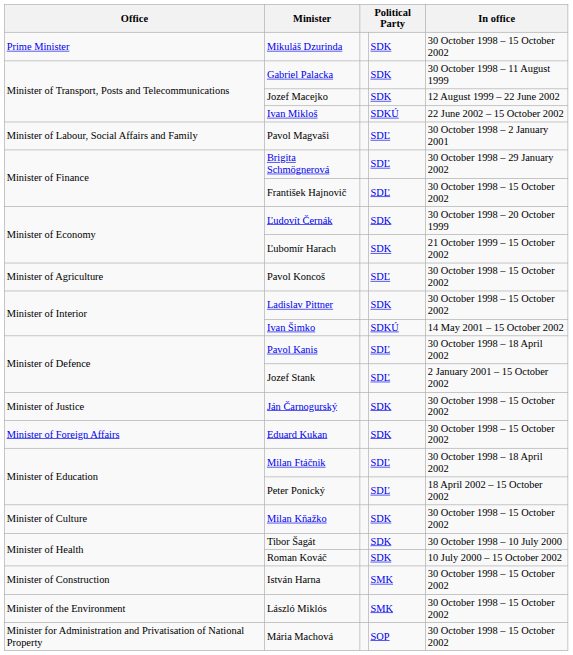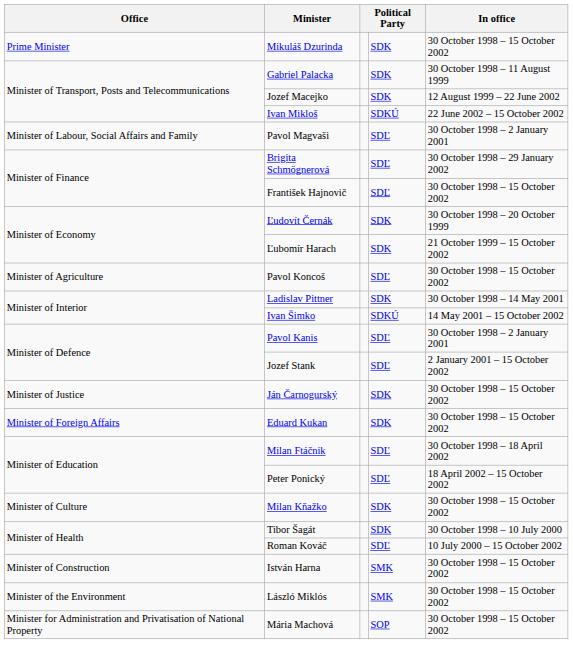 <table class="wikitable">
 <tr>
 <th>Office</th>
 <th>Minister</th>
 <th colspan=2>Political Party</th>
 <th>In office</th>
 </tr>
 <tr>
 <td><a href='#'>Prime Minister</a></td>
 <td><a href='#'>Mikuláš Dzurinda</a></td>
 <td style="background-color: "></td>
 <td><a href='#'>SDK</a></td>
 <td>30 October 1998 – 15 October 2002</td>
 </tr>
 <tr>
 <td rowspan=3>Minister of Transport, Posts and Telecommunications</td>
 <td><a href='#'>Gabriel Palacka</a></td>
 <td style="background-color: "></td>
 <td><a href='#'>SDK</a></td>
 <td>30 October 1998 – 11 August 1999</td>
 </tr>
 <tr>
 <td>Jozef Macejko</td>
 <td style="background-color: "></td>
 <td><a href='#'>SDK</a></td>
 <td>12 August 1999 – 22 June 2002</td>
 </tr>
 <tr>
 <td><a href='#'>Ivan Mikloš</a></td>
 <td style="background-color: "></td>
 <td><a href='#'>SDKÚ</a></td>
 <td>22 June 2002 – 15 October 2002</td>
 </tr>
 <tr>
 <td>Minister of Labour, Social Affairs and Family</td>
 <td>Pavol Magvaši</td>
 <td style="background-color: "></td>
 <td><a href='#'>SDĽ</a></td>
 <td>30 October 1998 – 2 January 2001</td>
 </tr>
 <tr>
 <td rowspan=2>Minister of Finance</td>
 <td><a href='#'>Brigita Schmögnerová</a></td>
 <td style="background-color: "></td>
 <td><a href='#'>SDĽ</a></td>
 <td>30 October 1998 – 29 January 2002</td>
 </tr>
 <tr>
 <td>František Hajnovič</td>
 <td style="background-color: "></td>
 <td><a href='#'>SDĽ</a></td>
 <td>30 October 1998 – 15 October 2002</td>
 </tr>
 <tr>
 <td rowspan=2>Minister of Economy</td>
 <td><a href='#'>Ľudovít Černák</a></td>
 <td style="background-color: "></td>
 <td><a href='#'>SDK</a></td>
 <td>30 October 1998 – 20 October 1999</td>
 </tr>
 <tr>
 <td>Ľubomír Harach</td>
 <td style="background-color: "></td>
 <td><a href='#'>SDK</a></td>
 <td>21 October 1999 – 15 October 2002</td>
 </tr>
 <tr>
 <td>Minister of Agriculture</td>
 <td>Pavol Koncoš</td>
 <td style="background-color: "></td>
 <td><a href='#'>SDĽ</a></td>
 <td>30 October 1998 – 15 October 2002</td>
 </tr>
 <tr>
 <td rowspan=2>Minister of Interior</td>
 <td><a href='#'>Ladislav Pittner</a></td>
 <td style="background-color: "></td>
 <td><a href='#'>SDK</a></td>
-<td>30 October 1998 – 15 October 2002</td>
+<td>30 October 1998 – 14 May 2001</td>
 </tr>
 <tr>
 <td><a href='#'>Ivan Šimko</a></td>
 <td style="background-color: "></td>
 <td><a href='#'>SDKÚ</a></td>
 <td>14 May 2001 – 15 October 2002</td>
 </tr>
 <tr>
 <td rowspan=2>Minister of Defence</td>
 <td><a href='#'>Pavol Kanis</a></td>
 <td style="background-color: "></td>
 <td><a href='#'>SDĽ</a></td>
-<td>30 October 1998 – 18 April 2002</td>
+<td>30 October 1998 – 2 January 2001</td>
 </tr>
 <tr>
 <td>Jozef Stank</td>
 <td style="background-color: "></td>
 <td><a href='#'>SDĽ</a></td>
 <td>2 January 2001 – 15 October 2002</td>
 </tr>
 <tr>
 <td>Minister of Justice</td>
 <td><a href='#'>Ján Čarnogurský</a></td>
 <td style="background-color: "></td>
 <td><a href='#'>SDK</a></td>
 <td>30 October 1998 – 15 October 2002</td>
 </tr>
 <tr>
 <td><a href='#'>Minister of Foreign Affairs</a></td>
 <td><a href='#'>Eduard Kukan</a></td>
 <td style="background-color: "></td>
 <td><a href='#'>SDK</a></td>
 <td>30 October 1998 – 15 October 2002</td>
 </tr>
 <tr>
 <td rowspan=2>Minister of Education</td>
 <td><a href='#'>Milan Ftáčnik</a></td>
 <td style="background-color: "></td>
 <td><a href='#'>SDĽ</a></td>
 <td>30 October 1998 – 18 April 2002</td>
 </tr>
 <tr>
 <td>Peter Ponický</td>
 <td style="background-color: "></td>
 <td><a href='#'>SDĽ</a></td>
 <td>18 April 2002 – 15 October 2002</td>
 </tr>
 <tr>
 <td>Minister of Culture</td>
 <td><a href='#'>Milan Kňažko</a></td>
 <td style="background-color: "></td>
 <td><a href='#'>SDK</a></td>
 <td>30 October 1998 – 15 October 2002</td>
 </tr>
 <tr>
 <td rowspan=2>Minister of Health</td>
 <td>Tibor Šagát</td>
 <td style="background-color: "></td>
 <td><a href='#'>SDK</a></td>
 <td>30 October 1998 – 10 July 2000</td>
 </tr>
 <tr>
 <td>Roman Kováč</td>
 <td style="background-color: "></td>
-<td><a href='#'>SDK</a></td>
+<td><a href='#'>SDĽ</a></td>
 <td>10 July 2000 – 15 October 2002</td>
 </tr>
 <tr>
 <td>Minister of Construction</td>
 <td>István Harna</td>
 <td style="background-color: "></td>
 <td><a href='#'>SMK</a></td>
 <td>30 October 1998 – 15 October 2002</td>
 </tr>
 <tr>
 <td>Minister of the Environment</td>
 <td>László Miklós</td>
 <td style="background-color: "></td>
 <td><a href='#'>SMK</a></td>
 <td>30 October 1998 – 15 October 2002</td>
 </tr>
 <tr>
 <td>Minister for Administration and Privatisation of National Property</td>
 <td>Mária Machová</td>
 <td style="background-color: "></td>
 <td><a href='#'>SOP</a></td>
 <td>30 October 1998 – 15 October 2002</td>
 </tr>
 </table>
